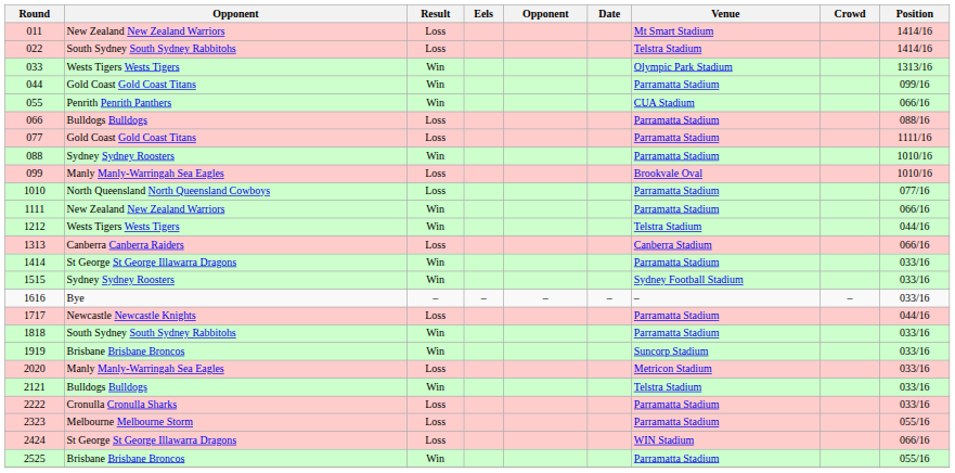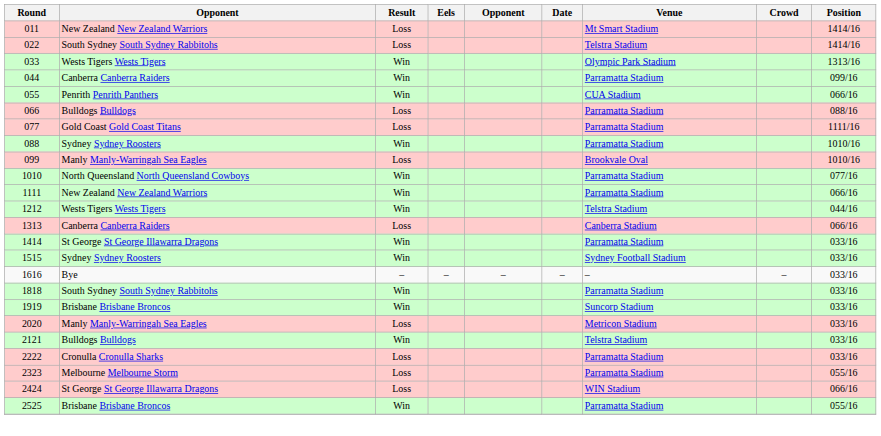 <table class="wikitable sortable" width="100%" style="font-size:90%">
 <tr>
 <th>Round</th>
 <th>Opponent</th>
 <th>Result</th>
 <th>Eels</th>
 <th>Opponent</th>
 <th>Date</th>
 <th>Venue</th>
 <th>Crowd</th>
 <th>Position</th>
 </tr>
 <tr style="background:#fcc;">
 <td align="center"><span>01</span>1</td>
 <td><span>New Zealand</span> <a href='#'>New Zealand Warriors</a></td>
 <td align="center">Loss</td>
 <td align="center"></td>
 <td align="center"></td>
 <td></td>
 <td><a href='#'>Mt Smart Stadium</a></td>
 <td align="center"></td>
 <td align="center"><span>14</span>14/16</td>
 </tr>
 <tr style="background:#fcc;">
 <td align="center"><span>02</span>2</td>
 <td><span>South Sydney</span> <a href='#'>South Sydney Rabbitohs</a></td>
 <td align="center">Loss</td>
 <td align="center"></td>
 <td align="center"></td>
 <td></td>
 <td><a href='#'>Telstra Stadium</a></td>
 <td align="center"></td>
 <td align="center"><span>14</span>14/16</td>
 </tr>
 <tr style="background:#cfc">
 <td align="center"><span>03</span>3</td>
 <td><span>Wests Tigers</span> <a href='#'>Wests Tigers</a></td>
 <td align="center">Win</td>
 <td align="center"></td>
 <td align="center"></td>
 <td></td>
 <td><a href='#'>Olympic Park Stadium</a></td>
 <td align="center"></td>
 <td align="center"><span>13</span>13/16</td>
 </tr>
 <tr style="background:#cfc">
 <td align="center"><span>04</span>4</td>
-<td><span>Gold Coast</span> <a href='#'>Gold Coast Titans</a></td>
+<td><span>Canberra</span> <a href='#'>Canberra Raiders</a></td>
 <td align="center">Win</td>
 <td align="center"></td>
 <td align="center"></td>
 <td></td>
 <td><a href='#'>Parramatta Stadium</a></td>
 <td align="center"></td>
 <td align="center"><span>09</span>9/16</td>
 </tr>
 <tr style="background:#cfc">
 <td align="center"><span>05</span>5</td>
 <td><span>Penrith</span> <a href='#'>Penrith Panthers</a></td>
 <td align="center">Win</td>
 <td align="center"></td>
 <td align="center"></td>
 <td></td>
 <td><a href='#'>CUA Stadium</a></td>
 <td align="center"></td>
 <td align="center"><span>06</span>6/16</td>
 </tr>
 <tr style="background:#fcc;">
 <td align="center"><span>06</span>6</td>
 <td><span>Bulldogs</span> <a href='#'>Bulldogs</a></td>
 <td align="center">Loss</td>
 <td align="center"></td>
 <td align="center"></td>
 <td></td>
 <td><a href='#'>Parramatta Stadium</a></td>
 <td align="center"></td>
 <td align="center"><span>08</span>8/16</td>
 </tr>
 <tr style="background:#fcc;">
 <td align="center"><span>07</span>7</td>
 <td><span>Gold Coast</span> <a href='#'>Gold Coast Titans</a></td>
 <td align="center">Loss</td>
 <td align="center"></td>
 <td align="center"></td>
 <td></td>
 <td><a href='#'>Parramatta Stadium</a></td>
 <td align="center"></td>
 <td align="center"><span>11</span>11/16</td>
 </tr>
 <tr style="background:#cfc">
 <td align="center"><span>08</span>8</td>
 <td><span>Sydney</span> <a href='#'>Sydney Roosters</a></td>
 <td align="center">Win</td>
 <td align="center"></td>
 <td align="center"></td>
 <td></td>
 <td><a href='#'>Parramatta Stadium</a></td>
 <td align="center"></td>
 <td align="center"><span>10</span>10/16</td>
 </tr>
 <tr style="background:#fcc;">
 <td align="center"><span>09</span>9</td>
 <td><span>Manly</span> <a href='#'>Manly-Warringah Sea Eagles</a></td>
 <td align="center">Loss</td>
 <td align="center"></td>
 <td align="center"></td>
 <td></td>
 <td><a href='#'>Brookvale Oval</a></td>
 <td align="center"></td>
 <td align="center"><span>10</span>10/16</td>
 </tr>
 <tr style="background:#cfc">
 <td align="center"><span>10</span>10</td>
 <td><span>North Queensland</span> <a href='#'>North Queensland Cowboys</a></td>
-<td align="center">Loss</td>
+<td align="center">Win</td>
 <td align="center"></td>
 <td align="center"></td>
 <td></td>
 <td><a href='#'>Parramatta Stadium</a></td>
 <td align="center"></td>
 <td align="center"><span>07</span>7/16</td>
 </tr>
 <tr style="background:#cfc">
 <td align="center"><span>11</span>11</td>
 <td><span>New Zealand</span> <a href='#'>New Zealand Warriors</a></td>
 <td align="center">Win</td>
 <td align="center"></td>
 <td align="center"></td>
 <td></td>
 <td><a href='#'>Parramatta Stadium</a></td>
 <td align="center"></td>
 <td align="center"><span>06</span>6/16</td>
 </tr>
 <tr style="background:#cfc">
 <td align="center"><span>12</span>12</td>
 <td><span>Wests Tigers</span> <a href='#'>Wests Tigers</a></td>
 <td align="center">Win</td>
 <td align="center"></td>
 <td align="center"></td>
 <td></td>
 <td><a href='#'>Telstra Stadium</a></td>
 <td align="center"></td>
 <td align="center"><span>04</span>4/16</td>
 </tr>
 <tr style="background:#fcc;">
 <td align="center"><span>13</span>13</td>
 <td><span>Canberra</span> <a href='#'>Canberra Raiders</a></td>
 <td align="center">Loss</td>
 <td align="center"></td>
 <td align="center"></td>
 <td></td>
 <td><a href='#'>Canberra Stadium</a></td>
 <td align="center"></td>
 <td align="center"><span>06</span>6/16</td>
 </tr>
 <tr style="background:#cfc">
 <td align="center"><span>14</span>14</td>
 <td><span>St George</span> <a href='#'>St George Illawarra Dragons</a></td>
 <td align="center">Win</td>
 <td align="center"></td>
 <td align="center"></td>
 <td></td>
 <td><a href='#'>Parramatta Stadium</a></td>
 <td align="center"></td>
 <td align="center"><span>03</span>3/16</td>
 </tr>
 <tr style="background:#cfc">
 <td align="center"><span>15</span>15</td>
 <td><span>Sydney</span> <a href='#'>Sydney Roosters</a></td>
 <td align="center">Win</td>
 <td align="center"></td>
 <td align="center"></td>
 <td></td>
 <td><a href='#'>Sydney Football Stadium</a></td>
 <td align="center"></td>
 <td align="center"><span>03</span>3/16</td>
 </tr>
 <tr>
 <td align="center"><span>16</span>16</td>
 <td>Bye</td>
 <td align="center">–</td>
 <td align="center">–</td>
 <td align="center">–</td>
 <td align="center">–</td>
 <td>–</td>
 <td align="center">–</td>
 <td align="center"><span>03</span>3/16</td>
-</tr>
-<tr style="background:#fcc;">
-<td align="center"><span>17</span>17</td>
-<td><span>Newcastle</span> <a href='#'>Newcastle Knights</a></td>
-<td align="center">Loss</td>
-<td align="center"></td>
-<td align="center"></td>
-<td></td>
-<td><a href='#'>Parramatta Stadium</a></td>
-<td align="center"></td>
-<td align="center"><span>04</span>4/16</td>
 </tr>
 <tr style="background:#cfc">
 <td align="center"><span>18</span>18</td>
 <td><span>South Sydney</span> <a href='#'>South Sydney Rabbitohs</a></td>
 <td align="center">Win</td>
 <td align="center"></td>
 <td align="center"></td>
 <td></td>
 <td><a href='#'>Parramatta Stadium</a></td>
 <td align="center"></td>
 <td align="center"><span>03</span>3/16</td>
 </tr>
 <tr style="background:#cfc">
 <td align="center"><span>19</span>19</td>
 <td><span>Brisbane</span> <a href='#'>Brisbane Broncos</a></td>
 <td align="center">Win</td>
 <td align="center"></td>
 <td align="center"></td>
 <td></td>
 <td><a href='#'>Suncorp Stadium</a></td>
 <td align="center"></td>
 <td align="center"><span>03</span>3/16</td>
 </tr>
 <tr style="background:#fcc;">
 <td align="center"><span>20</span>20</td>
 <td><span>Manly</span> <a href='#'>Manly-Warringah Sea Eagles</a></td>
 <td align="center">Loss</td>
 <td align="center"></td>
 <td align="center"></td>
 <td></td>
 <td><a href='#'>Metricon Stadium</a></td>
 <td align="center"></td>
 <td align="center"><span>03</span>3/16</td>
 </tr>
 <tr style="background:#cfc">
 <td align="center"><span>21</span>21</td>
 <td><span>Bulldogs</span> <a href='#'>Bulldogs</a></td>
 <td align="center">Win</td>
 <td align="center"></td>
 <td align="center"></td>
 <td></td>
 <td><a href='#'>Telstra Stadium</a></td>
 <td align="center"></td>
 <td align="center"><span>03</span>3/16</td>
 </tr>
 <tr style="background:#fcc;">
 <td align="center"><span>22</span>22</td>
 <td><span>Cronulla</span> <a href='#'>Cronulla Sharks</a></td>
 <td align="center">Loss</td>
 <td align="center"></td>
 <td align="center"></td>
 <td></td>
 <td><a href='#'>Parramatta Stadium</a></td>
 <td align="center"></td>
 <td align="center"><span>03</span>3/16</td>
 </tr>
 <tr style="background:#fcc;">
 <td align="center"><span>23</span>23</td>
 <td><span>Melbourne</span> <a href='#'>Melbourne Storm</a></td>
 <td align="center">Loss</td>
 <td align="center"></td>
 <td align="center"></td>
 <td></td>
 <td><a href='#'>Parramatta Stadium</a></td>
 <td align="center"></td>
 <td align="center"><span>05</span>5/16</td>
 </tr>
 <tr style="background:#fcc;">
 <td align="center"><span>24</span>24</td>
 <td><span>St George</span> <a href='#'>St George Illawarra Dragons</a></td>
 <td align="center">Loss</td>
 <td align="center"></td>
 <td align="center"></td>
 <td></td>
 <td><a href='#'>WIN Stadium</a></td>
 <td align="center"></td>
 <td align="center"><span>06</span>6/16</td>
 </tr>
 <tr style="background:#cfc">
 <td align="center"><span>25</span>25</td>
 <td><span>Brisbane</span> <a href='#'>Brisbane Broncos</a></td>
 <td align="center">Win</td>
 <td align="center"></td>
 <td align="center"></td>
 <td></td>
 <td><a href='#'>Parramatta Stadium</a></td>
 <td align="center"></td>
 <td align="center"><span>05</span>5/16</td>
 </tr>
 <tr>
 </tr>
 </table>
